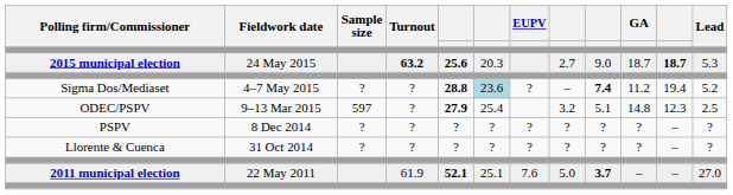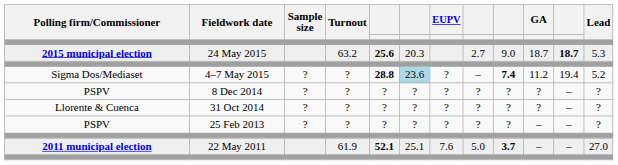 <table class="wikitable collapsible collapsed" style="text-align:center; font-size:95%; line-height:16px;">
 <tr style="height:42px;">
 <th style="width:250px;" rowspan="2">Polling firm/Commissioner</th>
 <th style="width:125px;" rowspan="2">Fieldwork date</th>
 <th style="width:50px;" rowspan="2">Sample size</th>
 <th style="width:45px;" rowspan="2">Turnout</th>
 <th style="width:35px;"></th>
 <th style="width:35px;"></th>
 <th style="width:35px; font-size:95%;"><a href='#'>EUPV</a></th>
 <th style="width:35px;"></th>
 <th style="width:35px;"></th>
 <th style="width:35px;">GA</th>
 <th style="width:35px;"></th>
 <th style="width:30px;" rowspan="2">Lead</th>
 </tr>
 <tr>
 <th style="color:inherit;background:"></th>
 <th style="color:inherit;background:"></th>
 <th style="color:inherit;background:"></th>
 <th style="color:inherit;background:"></th>
 <th style="color:inherit;background:"></th>
 <th style="color:inherit;background:"></th>
 <th style="color:inherit;background:"></th>
 </tr>
 <tr>
 <td colspan="12" style="background:#A0A0A0"></td>
 </tr>
 <tr style="background:#EFEFEF;">
 <td><strong><a href='#'>2015 municipal election</a></strong></td>
 <td>24 May 2015</td>
 <td></td>
-<td><strong>63.2</strong></td>
+<td>63.2</td>
 <td><strong>25.6</strong><br></td>
 <td>20.3<br></td>
 <td></td>
 <td>2.7<br></td>
 <td>9.0<br></td>
 <td>18.7<br></td>
 <td><strong>18.7<br></strong></td>
 <td style="background:">5.3</td>
 </tr>
 <tr>
 <td colspan="12" style="background:#A0A0A0"></td>
 </tr>
 <tr>
 <td>Sigma Dos/Mediaset</td>
 <td>4–7 May 2015</td>
 <td>?</td>
 <td>?</td>
 <td><strong>28.8</strong><br></td>
 <td style="background: lightblue;">23.6<br></td>
 <td>?<br></td>
 <td>–</td>
 <td><strong>7.4<br></strong></td>
 <td>11.2<br></td>
 <td>19.4<br></td>
 <td style="background:">5.2</td>
-</tr>
-<tr>
-<td>ODEC/PSPV</td>
-<td>9–13 Mar 2015</td>
-<td>597</td>
-<td>?</td>
-<td><strong>27.9</strong><br></td>
-<td>25.4<br></td>
-<td></td>
-<td>3.2<br></td>
-<td>5.1<br></td>
-<td>14.8<br></td>
-<td>12.3<br></td>
-<td style="background:">2.5</td>
 </tr>
 <tr>
 <td>PSPV</td>
 <td>8 Dec 2014</td>
 <td>?</td>
 <td>?</td>
 <td>?<br></td>
 <td>?<br></td>
 <td>?<br></td>
 <td>?<br></td>
 <td>?<br></td>
 <td>?<br></td>
 <td>–</td>
 <td style="background:">?</td>
 </tr>
 <tr>
 <td>Llorente & Cuenca</td>
 <td>31 Oct 2014</td>
 <td>?</td>
 <td>?</td>
 <td>?<br></td>
 <td>?<br></td>
 <td>?<br></td>
 <td>?<br></td>
 <td>?<br></td>
 <td>?<br></td>
 <td>–</td>
 <td style="background:">?</td>
 </tr>
 <tr>
+<td>PSPV</td>
+<td>25 Feb 2013</td>
+<td>?</td>
+<td>?</td>
+<td>?<br></td>
+<td>?<br></td>
+<td>?<br></td>
+<td>?<br></td>
+<td>?<br></td>
+<td>–</td>
+<td>–</td>
+<td style="background:">?</td>
+</tr>
+<tr>
 <td colspan="12" style="background:#A0A0A0"></td>
 </tr>
 <tr style="background:#EFEFEF;">
 <td><strong><a href='#'>2011 municipal election</a></strong></td>
 <td>22 May 2011</td>
 <td></td>
 <td>61.9</td>
 <td><strong>52.1</strong><br></td>
 <td>25.1<br></td>
 <td>7.6<br></td>
 <td>5.0<br></td>
 <td><strong>3.7<br></strong></td>
 <td>–</td>
 <td>–</td>
 <td style="background:">27.0</td>
 </tr>
 <tr>
 <td colspan="12" style="background:#A0A0A0"></td>
 </tr>
 </table>
